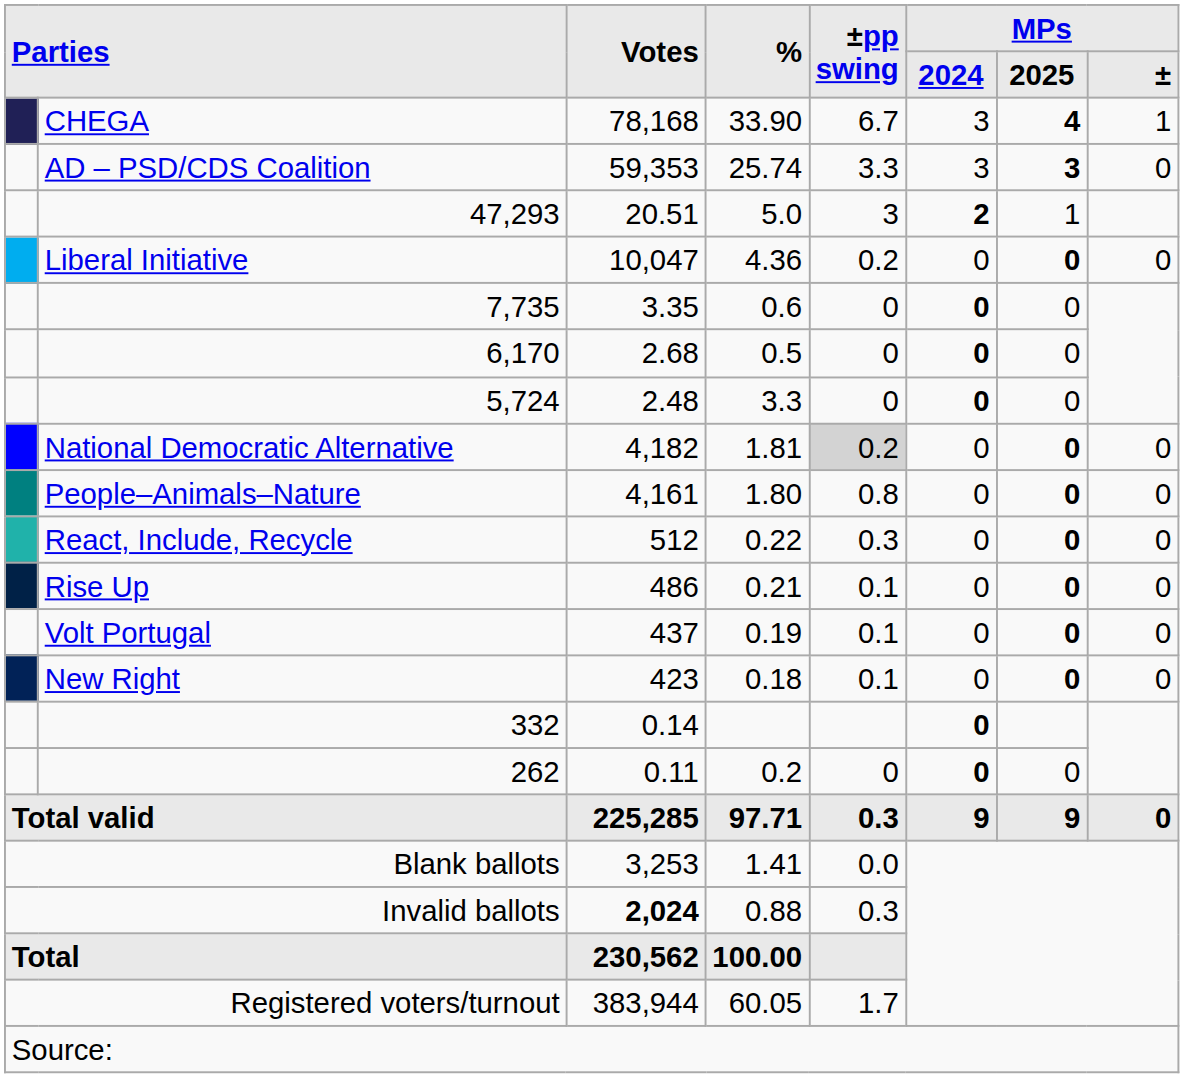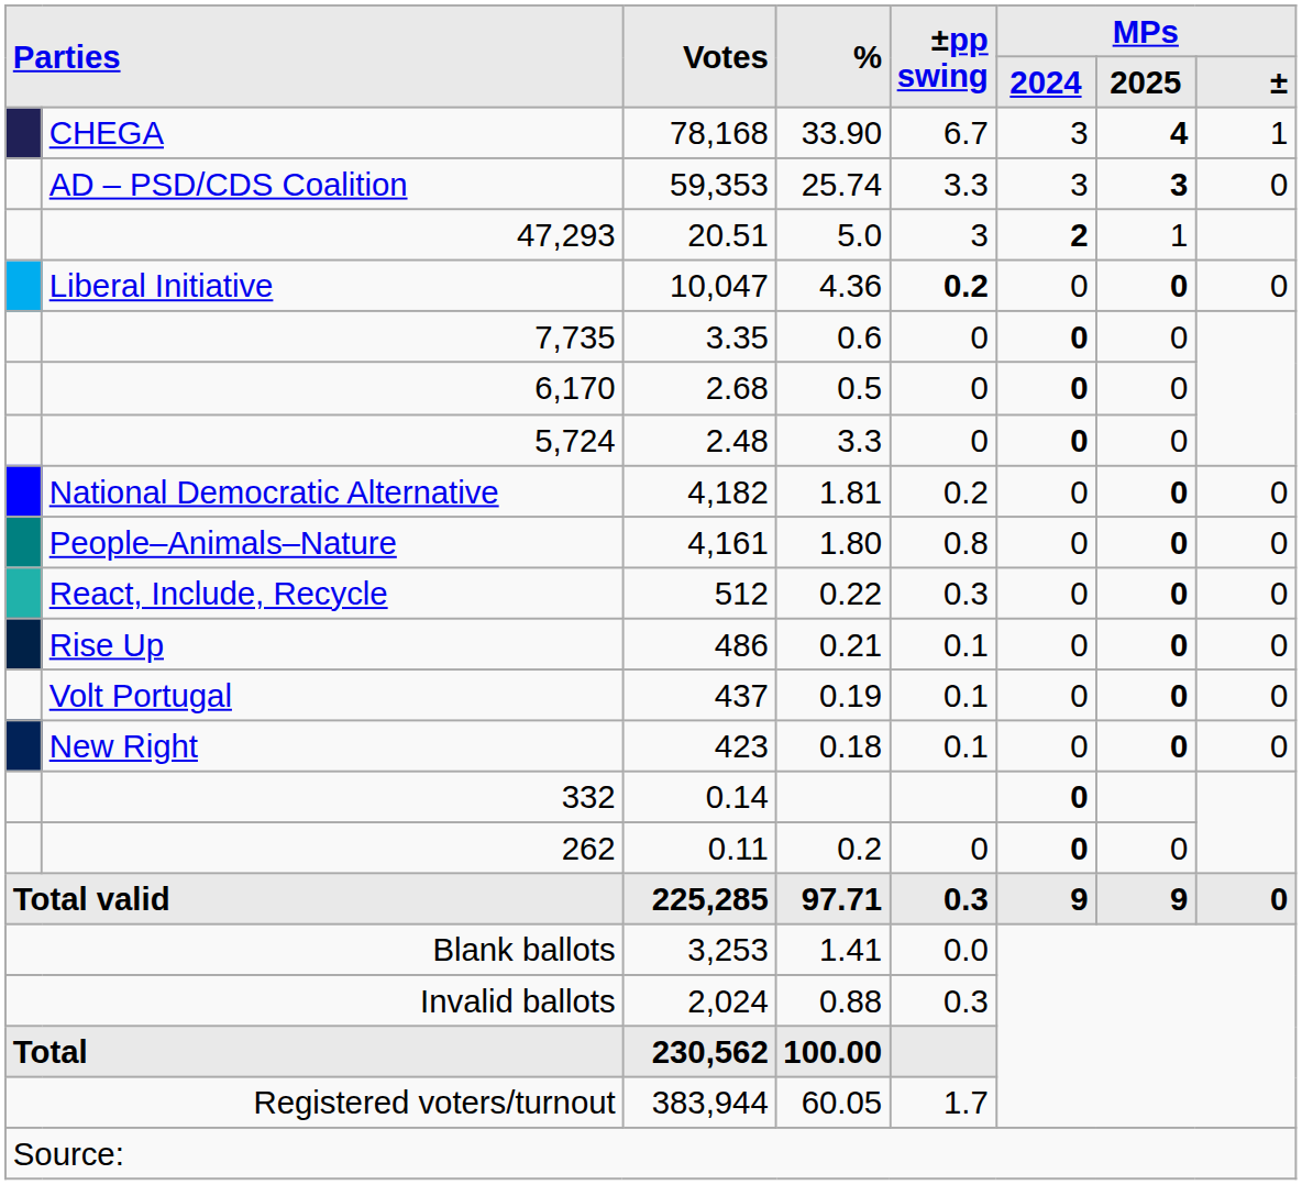 <table class="wikitable" style="text-align:right; font-size:95%;">
 <tr>
 <th rowspan="2" colspan="2" style="background:#e9e9e9; text-align:left;" alignleft><a href='#'>Parties</a></th>
 <th rowspan="2" style="background:#e9e9e9; text-align:right;">Votes</th>
 <th rowspan="2" style="background:#e9e9e9; text-align:right;">%</th>
 <th rowspan="2" style="background:#e9e9e9; text-align:right;">±<a href='#'>pp</a> <a href='#'>swing</a></th>
 <th colspan="3" style="background:#e9e9e9; text-align:center;"><a href='#'>MPs</a></th>
 </tr>
 <tr style="background-color:#E9E9E9">
 <th style="background-color:#E9E9E9;text-align:center;"><a href='#'>2024</a></th>
 <th style="background-color:#E9E9E9;text-align:center;">2025</th>
 <th style="background:#e9e9e9; text-align:right;">±</th>
 </tr>
 <tr>
 <td style="width: 10px" bgcolor="#202056" align="center"></td>
 <td align="left"><a href='#'>CHEGA</a></td>
 <td>78,168</td>
 <td>33.90</td>
 <td>6.7</td>
 <td>3</td>
 <td><strong>4</strong></td>
 <td>1</td>
 </tr>
 <tr>
 <td style="width: 10px" bgcolor=></td>
 <td align="left"><a href='#'>AD – PSD/CDS Coalition</a> </td>
 <td>59,353</td>
 <td>25.74</td>
 <td>3.3</td>
 <td>3</td>
 <td><strong>3</strong></td>
 <td>0</td>
 </tr>
 <tr>
 <td></td>
 <td>47,293</td>
 <td>20.51</td>
 <td>5.0</td>
 <td>3</td>
 <td><strong>2</strong></td>
 <td>1</td>
 </tr>
 <tr>
 <td style="width: 10px" bgcolor="#00ADEF" align="center"></td>
 <td align="left"><a href='#'>Liberal Initiative</a></td>
 <td>10,047</td>
 <td>4.36</td>
-<td>0.2</td>
+<td><strong>0.2</strong></td>
 <td>0</td>
 <td><strong>0</strong></td>
 <td>0</td>
 </tr>
 <tr>
 <td></td>
 <td>7,735</td>
 <td>3.35</td>
 <td>0.6</td>
 <td>0</td>
 <td><strong>0</strong></td>
 <td>0</td>
 </tr>
 <tr>
 <td></td>
 <td>6,170</td>
 <td>2.68</td>
 <td>0.5</td>
 <td>0</td>
 <td><strong>0</strong></td>
 <td>0</td>
 </tr>
 <tr>
 <td></td>
 <td>5,724</td>
 <td>2.48</td>
 <td>3.3</td>
 <td>0</td>
 <td><strong>0</strong></td>
 <td>0</td>
 </tr>
 <tr>
 <td style="width: 10px" bgcolor="blue" align="center"></td>
 <td align="left"><a href='#'>National Democratic Alternative</a></td>
 <td>4,182</td>
 <td>1.81</td>
-<td style="background: lightgrey;">0.2</td>
+<td>0.2</td>
 <td>0</td>
 <td><strong>0</strong></td>
 <td>0</td>
 </tr>
 <tr>
 <td style="width: 10px" bgcolor="teal" align="center"></td>
 <td align="left"><a href='#'>People–Animals–Nature</a></td>
 <td>4,161</td>
 <td>1.80</td>
 <td>0.8</td>
 <td>0</td>
 <td><strong>0</strong></td>
 <td>0</td>
 </tr>
 <tr>
 <td style="width: 10px" bgcolor="LightSeaGreen" align="center"></td>
 <td align="left"><a href='#'>React, Include, Recycle</a></td>
 <td>512</td>
 <td>0.22</td>
 <td>0.3</td>
 <td>0</td>
 <td><strong>0</strong></td>
 <td>0</td>
 </tr>
 <tr>
 <td style="width: 10px" bgcolor="#002147" align="center"></td>
 <td align="left"><a href='#'>Rise Up</a></td>
 <td>486</td>
 <td>0.21</td>
 <td>0.1</td>
 <td>0</td>
 <td><strong>0</strong></td>
 <td>0</td>
 </tr>
 <tr>
 <td style="width: 10px"></td>
 <td align="left"><a href='#'>Volt Portugal</a></td>
 <td>437</td>
 <td>0.19</td>
 <td>0.1</td>
 <td>0</td>
 <td><strong>0</strong></td>
 <td>0</td>
 </tr>
 <tr>
 <td style="width: 10px" bgcolor="#012257" align="center"></td>
 <td align="left"><a href='#'>New Right</a></td>
 <td>423</td>
 <td>0.18</td>
 <td>0.1</td>
 <td>0</td>
 <td><strong>0</strong></td>
 <td>0</td>
 </tr>
 <tr>
 <td></td>
 <td>332</td>
 <td>0.14</td>
 <td></td>
 <td></td>
 <td><strong>0</strong></td>
 <td></td>
 </tr>
 <tr>
 <td></td>
 <td>262</td>
 <td>0.11</td>
 <td>0.2</td>
 <td>0</td>
 <td><strong>0</strong></td>
 <td>0</td>
 </tr>
 <tr>
 <td colspan=2 width="288" align=left style="background-color:#E9E9E9"><strong>Total valid</strong></td>
 <td width="65" align="right" style="background-color:#E9E9E9"><strong>225,285</strong></td>
 <td width="40" align="right" style="background-color:#E9E9E9"><strong>97.71</strong></td>
 <td width="40" align="right" style="background-color:#E9E9E9"><strong>0.3</strong></td>
 <td width="40" align="right" style="background-color:#E9E9E9"><strong>9</strong></td>
 <td width="40" align="right" style="background-color:#E9E9E9"><strong>9</strong></td>
 <td width="40" align="right" style="background-color:#E9E9E9"><strong>0</strong></td>
 </tr>
 <tr>
 <td colspan=2>Blank ballots</td>
 <td>3,253</td>
 <td>1.41</td>
 <td>0.0</td>
 <td colspan=3 rowspan=4></td>
 </tr>
 <tr>
 <td colspan=2>Invalid ballots</td>
-<td><strong>2,024</strong></td>
+<td>2,024</td>
 <td>0.88</td>
 <td>0.3</td>
 </tr>
 <tr>
 <td colspan=2 align=left style="background-color:#E9E9E9"><strong>Total</strong></td>
 <td width="50" align="right" style="background-color:#E9E9E9"><strong>230,562</strong></td>
 <td width="40" align="right" style="background-color:#E9E9E9"><strong>100.00</strong></td>
 <td width="40" align="right" style="background-color:#E9E9E9"></td>
 </tr>
 <tr>
 <td colspan=2>Registered voters/turnout</td>
 <td>383,944</td>
 <td>60.05</td>
 <td>1.7</td>
 </tr>
 <tr>
 <td colspan=8 align=left>Source: </td>
 </tr>
 </table>
